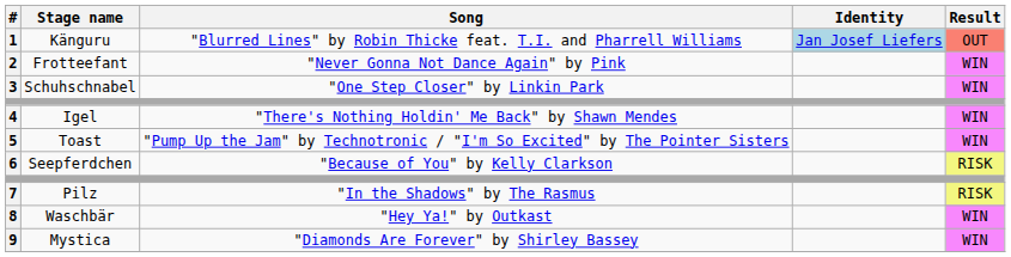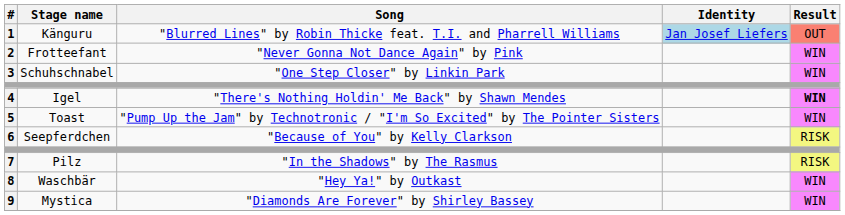 <table class="wikitable plainrowheaders" style="text-align: center;">
 <tr>
 <th>#</th>
 <th>Stage name</th>
 <th>Song</th>
 <th>Identity</th>
 <th>Result</th>
 </tr>
 <tr>
 <th>1</th>
 <td>Känguru</td>
 <td>"<a href='#'>Blurred Lines</a>" by <a href='#'>Robin Thicke</a> feat. <a href='#'>T.I.</a> and <a href='#'>Pharrell Williams</a></td>
 <td style="background: lightblue;"><a href='#'>Jan Josef Liefers</a></td>
 <td bgcolor=salmon>OUT</td>
 </tr>
 <tr>
 <th>2</th>
 <td>Frotteefant</td>
 <td>"<a href='#'>Never Gonna Not Dance Again</a>" by <a href='#'>Pink</a></td>
 <td></td>
 <td bgcolor="F888FD">WIN</td>
 </tr>
 <tr>
 <th>3</th>
 <td>Schuhschnabel</td>
 <td>"<a href='#'>One Step Closer</a>" by <a href='#'>Linkin Park</a></td>
 <td></td>
 <td bgcolor="F888FD">WIN</td>
 </tr>
 <tr>
 <td colspan="5" style="background:darkgray"></td>
 </tr>
 <tr>
 <th>4</th>
 <td>Igel</td>
 <td>"<a href='#'>There's Nothing Holdin' Me Back</a>" by <a href='#'>Shawn Mendes</a></td>
 <td></td>
-<td bgcolor="F888FD">WIN</td>
+<td bgcolor="F888FD"><strong>WIN</strong></td>
 </tr>
 <tr>
 <th>5</th>
 <td>Toast</td>
 <td>"<a href='#'>Pump Up the Jam</a>" by <a href='#'>Technotronic</a> / "<a href='#'>I'm So Excited</a>" by <a href='#'>The Pointer Sisters</a></td>
 <td></td>
 <td bgcolor="F888FD">WIN</td>
 </tr>
 <tr>
 <th>6</th>
 <td>Seepferdchen</td>
 <td>"<a href='#'>Because of You</a>" by <a href='#'>Kelly Clarkson</a></td>
 <td></td>
 <td bgcolor="F3F781">RISK</td>
 </tr>
 <tr>
 <td colspan="5" style="background:darkgray"></td>
 </tr>
 <tr>
 <th>7</th>
 <td>Pilz</td>
 <td>"<a href='#'>In the Shadows</a>" by <a href='#'>The Rasmus</a></td>
 <td></td>
 <td bgcolor="F3F781">RISK</td>
 </tr>
 <tr>
 <th>8</th>
 <td>Waschbär</td>
 <td>"<a href='#'>Hey Ya!</a>" by <a href='#'>Outkast</a></td>
 <td></td>
 <td bgcolor="F888FD">WIN</td>
 </tr>
 <tr>
 <th>9</th>
 <td>Mystica</td>
 <td>"<a href='#'>Diamonds Are Forever</a>" by <a href='#'>Shirley Bassey</a></td>
 <td></td>
 <td bgcolor="F888FD">WIN</td>
 </tr>
 <tr>
 </tr>
 </table>
